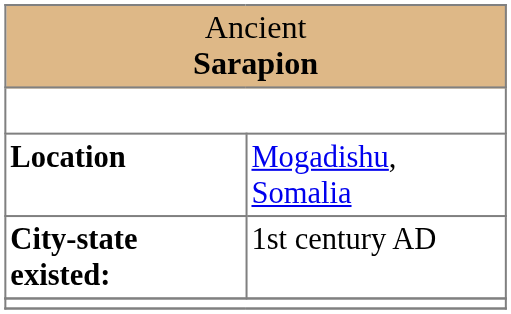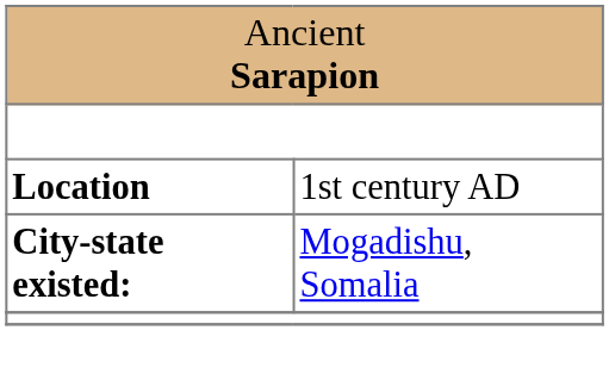 <table class="toccolours" border="1" cellpadding="2" cellspacing="2" style="float: right; margin: 0 0 1em 1em; width: 250px; border-collapse: collapse; font-size: 95%;">
 <tr>
 <td colspan="2" style="margin-left: inherit; background:#DEB887; text-align:center; font-size: medium;">Ancient<br><strong>Sarapion</strong></td>
 </tr>
 <tr align="center">
 <td colspan="2"><div><br></div></td>
 </tr>
 <tr style="vertical-align: top;">
 <td><strong>Location</strong></td>
-<td><a href='#'>Mogadishu</a>, <a href='#'>Somalia</a></td>
+<td>1st century AD</td>
 </tr>
 <tr style="vertical-align: top;">
 <td><strong>City-state existed:</strong></td>
-<td>1st century AD</td>
+<td><a href='#'>Mogadishu</a>, <a href='#'>Somalia</a></td>
 </tr>
 <tr style="vertical-align: top;">
 </tr>
 <tr align="center">
 <td colspan="2"></td>
 </tr>
 <tr style="vertical-align: top;">
 </tr>
 </table>
